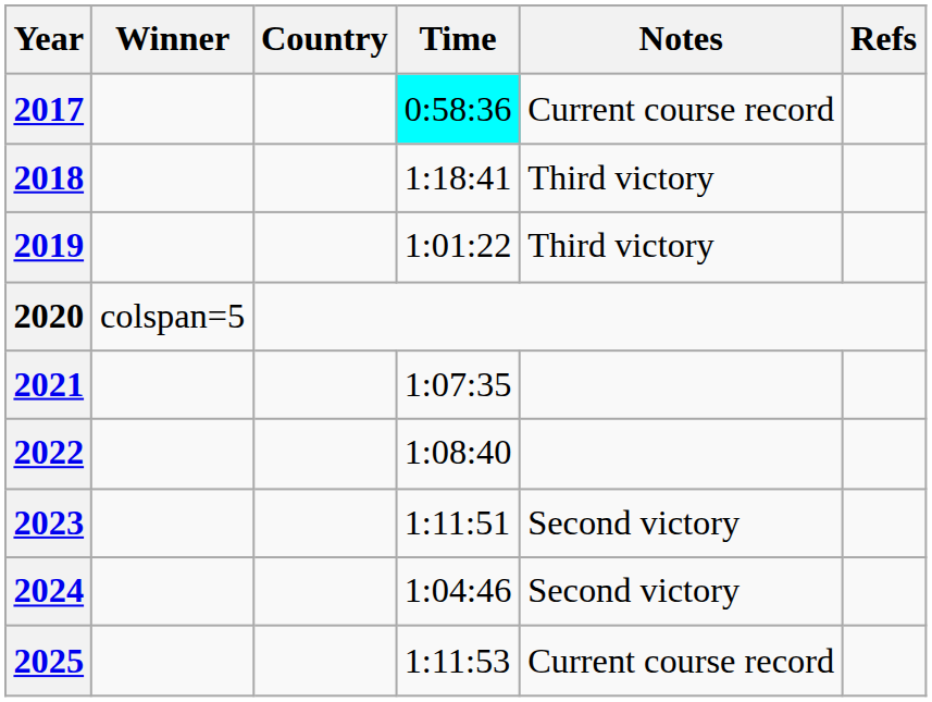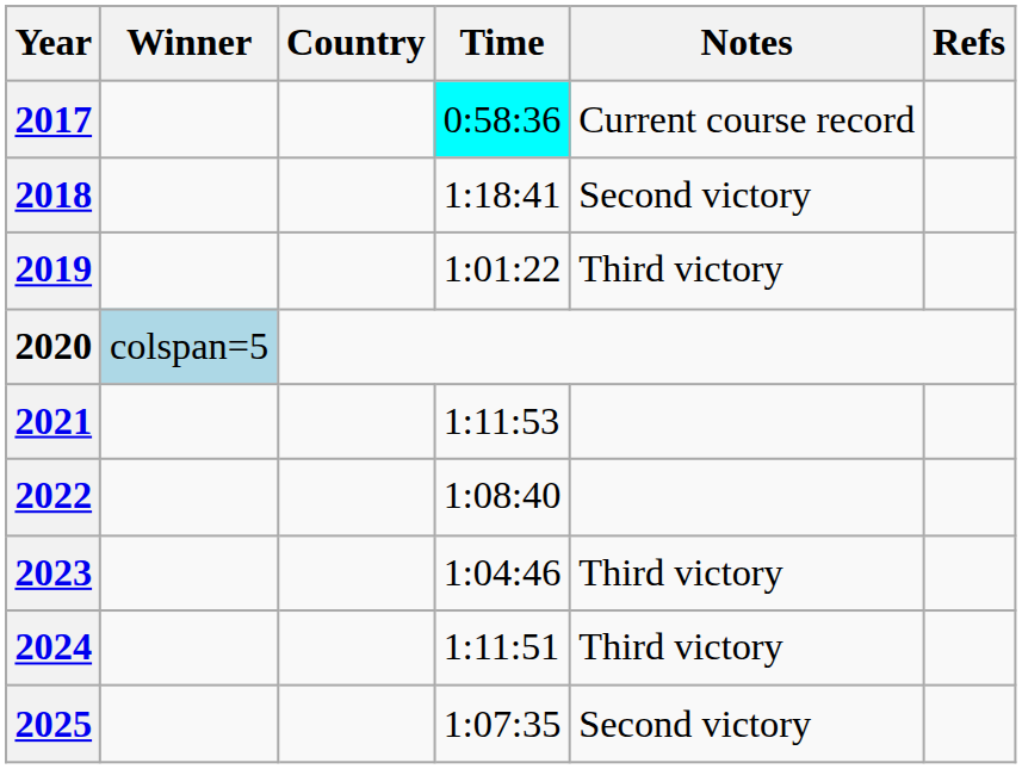 <table class="wikitable sortable" style="font-size:1.00em; line-height:1.5em;">
 <tr>
 <th scope="col">Year</th>
 <th scope="col">Winner</th>
 <th scope="col">Country</th>
 <th scope="col" data-sort-type="time">Time</th>
 <th scope="col" class="unsortable">Notes</th>
 <th scope="col" class="unsortable">Refs</th>
 </tr>
 <tr>
 <th scope="row"><a href='#'>2017</a></th>
 <td></td>
 <td></td>
 <td style="background-color:#00ffff">0:58:36</td>
 <td>Current course record</td>
 <td></td>
 </tr>
 <tr>
 <th scope="row"><a href='#'>2018</a></th>
 <td></td>
 <td></td>
 <td>1:18:41</td>
-<td>Third victory</td>
+<td>Second victory</td>
 <td></td>
 </tr>
 <tr>
 <th scope="row"><a href='#'>2019</a></th>
 <td></td>
 <td></td>
 <td>1:01:22</td>
 <td>Third victory</td>
 <td></td>
 </tr>
 <tr>
 <th scope="row">2020</th>
-<td>colspan=5 </td>
+<td style="background: lightblue;">colspan=5 </td>
 </tr>
 <tr>
 <th scope="row"><a href='#'>2021</a></th>
 <td></td>
 <td></td>
-<td>1:07:35</td>
+<td>1:11:53</td>
 <td></td>
 <td></td>
 </tr>
 <tr>
 <th scope="row"><a href='#'>2022</a></th>
 <td></td>
 <td></td>
 <td>1:08:40</td>
 <td></td>
 <td></td>
 </tr>
 <tr>
 <th scope="row"><a href='#'>2023</a></th>
 <td></td>
 <td></td>
-<td>1:11:51</td>
-<td>Second victory</td>
+<td>1:04:46</td>
+<td>Third victory</td>
 <td></td>
 </tr>
 <tr>
 <th scope="row"><a href='#'>2024</a></th>
 <td></td>
 <td></td>
-<td>1:04:46</td>
-<td>Second victory</td>
+<td>1:11:51</td>
+<td>Third victory</td>
 <td></td>
 </tr>
 <tr>
 <th scope="row"><a href='#'>2025</a></th>
 <td></td>
 <td></td>
-<td>1:11:53</td>
-<td>Current course record</td>
+<td>1:07:35</td>
+<td>Second victory</td>
 <td></td>
 </tr>
 </table>
